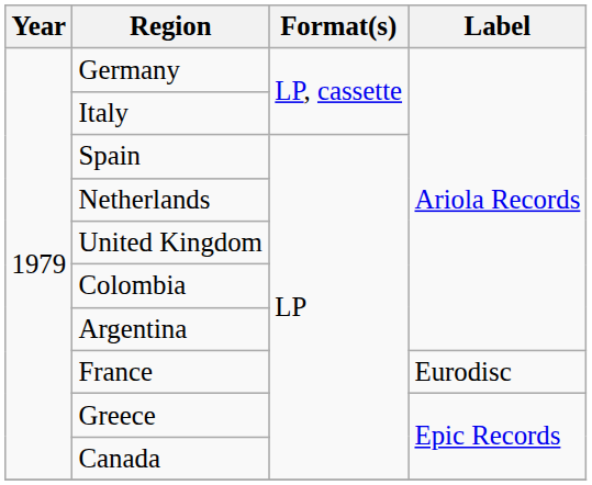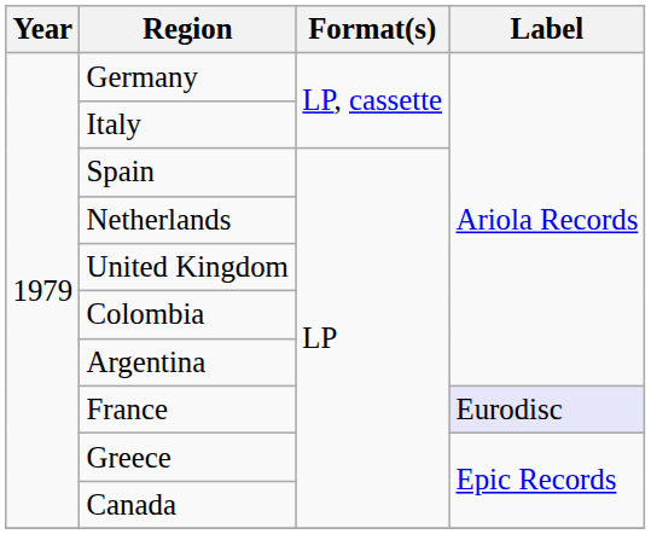 <table class="wikitable">
 <tr>
 <th align="center">Year</th>
 <th align="center">Region</th>
 <th align="center">Format(s)</th>
 <th align="center">Label</th>
 </tr>
 <tr>
 <td align="left" rowspan="10">1979</td>
 <td align="left">Germany</td>
 <td align="left" rowspan="2"><a href='#'>LP</a>, <a href='#'>cassette</a></td>
 <td align="left" rowspan="7"><a href='#'>Ariola Records</a></td>
 </tr>
 <tr>
 <td align="left">Italy</td>
 </tr>
 <tr>
 <td align="left">Spain</td>
 <td align="left" rowspan="8">LP</td>
 </tr>
 <tr>
 <td align="left">Netherlands</td>
 </tr>
 <tr>
 <td align="left">United Kingdom</td>
 </tr>
 <tr>
 <td align="left">Colombia</td>
 </tr>
 <tr>
 <td align="left">Argentina</td>
 </tr>
 <tr>
 <td align="left">France</td>
-<td align="left">Eurodisc</td>
+<td align="left" style="background: lavender;">Eurodisc</td>
 </tr>
 <tr>
 <td align="left">Greece</td>
 <td align="left" rowspan="2"><a href='#'>Epic Records</a></td>
 </tr>
 <tr>
 <td align="left">Canada</td>
 </tr>
 <tr>
 </tr>
 </table>
